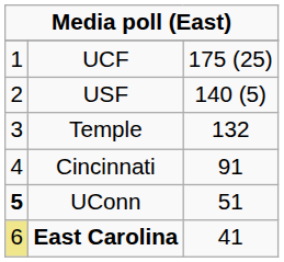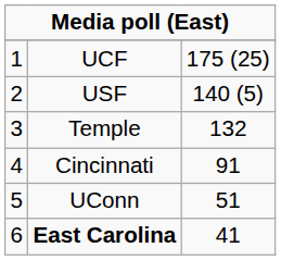 <table class="wikitable">
 <tr align="center">
 <td align="center" Colspan="3"><strong>Media poll (East)</strong></td>
 </tr>
 <tr align="center">
 </tr>
 <tr align="center">
 <td>1</td>
 <td>UCF</td>
 <td>175 (25)</td>
 </tr>
 <tr align="center">
 <td>2</td>
 <td>USF</td>
 <td>140 (5)</td>
 </tr>
 <tr align="center">
 <td>3</td>
 <td>Temple</td>
 <td>132</td>
 </tr>
 <tr align="center">
 <td>4</td>
 <td>Cincinnati</td>
 <td>91</td>
 </tr>
 <tr align="center">
-<td><strong>5</strong></td>
+<td>5</td>
 <td>UConn</td>
 <td>51</td>
 </tr>
 <tr align="center">
-<td style="background: khaki;">6</td>
+<td>6</td>
 <td><strong>East Carolina</strong></td>
 <td>41</td>
 </tr>
 </table>
